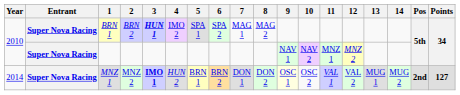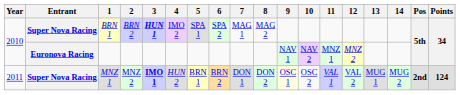 <table class="wikitable" style="text-align:center; font-size:85%">
 <tr>
 <th>Year</th>
 <th>Entrant</th>
 <th>1</th>
 <th>2</th>
 <th>3</th>
 <th>4</th>
 <th>5</th>
 <th>6</th>
 <th>7</th>
 <th>8</th>
 <th>9</th>
 <th>10</th>
 <th>11</th>
 <th>12</th>
 <th>13</th>
 <th>14</th>
 <th>Pos</th>
 <th>Points</th>
 </tr>
 <tr>
 <td rowspan=2><a href='#'>2010</a></td>
 <th nowrap><a href='#'>Super Nova Racing</a></th>
 <td style="background:#FFFFBF;"><em><a href='#'>BRN<br>1</a></em><br></td>
 <td style="background:#CFCFFF;"><em><a href='#'>BRN<br>2</a></em><br></td>
 <td style="background:#CFCFFF;"><strong><em><a href='#'>HUN<br>1</a></em></strong><br></td>
 <td style="background:#EFCFFF;"><a href='#'>IMO<br>2</a><br></td>
 <td style="background:#DFDFDF;"><a href='#'>SPA<br>1</a><br></td>
 <td style="background:#DFFFDF;"><a href='#'>SPA<br>2</a><br></td>
 <td><a href='#'>MAG<br>1</a><br></td>
 <td><a href='#'>MAG<br>2</a><br></td>
 <td></td>
 <td></td>
 <td></td>
 <td></td>
 <td></td>
 <td></td>
 <th rowspan=2>5th</th>
 <th rowspan=2>34</th>
 </tr>
 <tr>
-<th nowrap><a href='#'>Super Nova Racing</a></th>
+<th nowrap><a href='#'>Euronova Racing</a></th>
 <td></td>
 <td></td>
 <td></td>
 <td></td>
 <td></td>
 <td></td>
 <td></td>
 <td></td>
 <td style="background:#DFFFDF;"><a href='#'>NAV<br>1</a><br></td>
 <td style="background:#EFCFFF;"><a href='#'>NAV<br>2</a><br></td>
 <td style="background:#DFFFDF;"><a href='#'>MNZ<br>1</a><br></td>
 <td style="background:#FFFFBF;"><em><a href='#'>MNZ<br>2</a></em><br></td>
 <td></td>
 <td></td>
 </tr>
 <tr>
-<td><a href='#'>2014</a></td>
+<td><a href='#'>2011</a></td>
 <th nowrap><a href='#'>Super Nova Racing</a></th>
 <td style="background:#DFDFDF;"><em><a href='#'>MNZ<br>1</a></em><br></td>
 <td style="background:#DFFFDF;"><a href='#'>MNZ<br>2</a><br></td>
 <td style="background:#CFCFFF;"><strong><a href='#'>IMO<br>1</a></strong><br></td>
 <td style="background:#DFDFDF;"><em><a href='#'>HUN<br>2</a></em><br></td>
 <td style="background:#FFFFBF;"><a href='#'>BRN<br>1</a><br></td>
 <td style="background:#FFDF9F;"><a href='#'>BRN<br>2</a><br></td>
 <td style="background:#DFDFDF;"><a href='#'>DON<br>1</a><br></td>
 <td style="background:#DFFFDF;"><a href='#'>DON<br>2</a><br></td>
 <td style="background: lightyellow;"><a href='#'>OSC<br>1</a></td>
 <td><a href='#'>OSC<br>2</a></td>
 <td style="background:#CFCFFF;"><em><a href='#'>VAL<br>1</a></em><br></td>
 <td style="background:#DFFFDF;"><a href='#'>VAL<br>2</a><br></td>
 <td style="background:#DFDFDF;"><a href='#'>MUG<br>1</a><br></td>
 <td style="background:#DFFFDF;"><a href='#'>MUG<br>2</a><br></td>
 <td style="background:#DFDFDF;"><strong>2nd</strong></td>
-<td style="background:#DFDFDF;"><strong>127</strong></td>
+<td style="background:#DFDFDF;"><strong>124</strong></td>
 </tr>
 </table>
